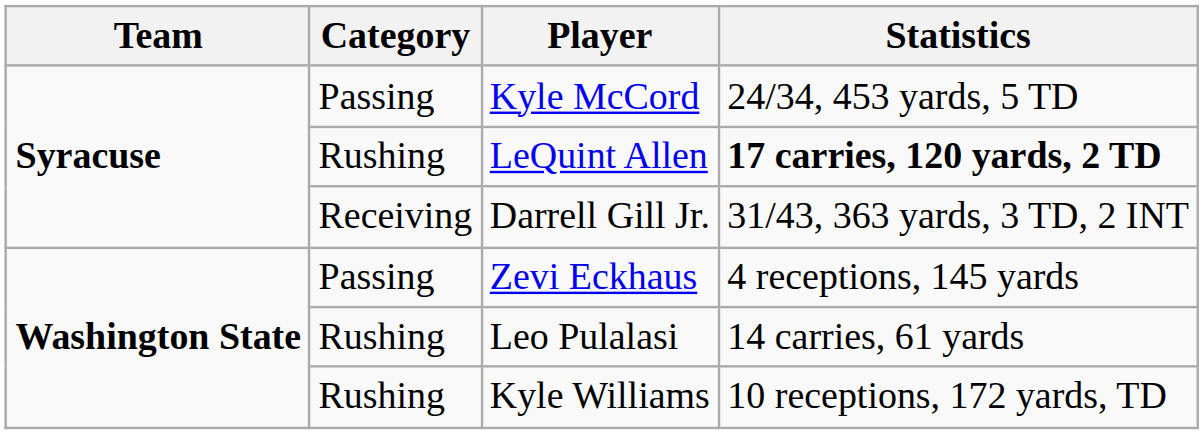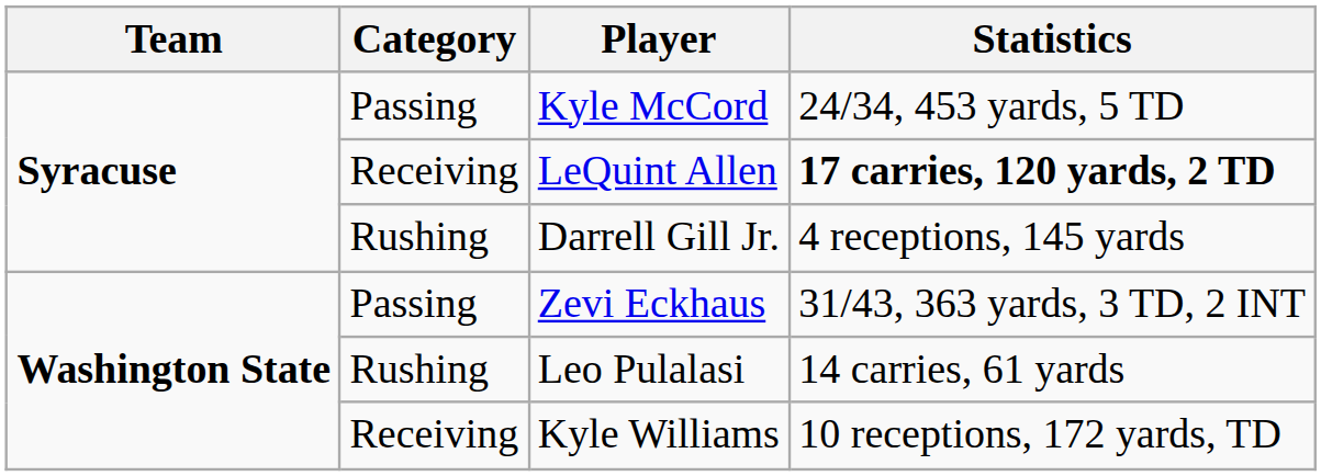 <table class="wikitable" style="float: right;">
 <tr>
 <th>Team</th>
 <th>Category</th>
 <th>Player</th>
 <th>Statistics</th>
 </tr>
 <tr>
 <td rowspan=3><strong>Syracuse</strong></td>
 <td>Passing</td>
 <td><a href='#'>Kyle McCord</a></td>
 <td>24/34, 453 yards, 5 TD</td>
 </tr>
 <tr>
-<td>Rushing</td>
+<td>Receiving</td>
 <td><a href='#'>LeQuint Allen</a></td>
 <td><strong>17 carries, 120 yards, 2 TD</strong></td>
 </tr>
 <tr>
-<td>Receiving</td>
+<td>Rushing</td>
 <td>Darrell Gill Jr.</td>
-<td>31/43, 363 yards, 3 TD, 2 INT</td>
+<td>4 receptions, 145 yards</td>
 </tr>
 <tr>
 <td rowspan=3><strong>Washington State</strong></td>
 <td>Passing</td>
 <td><a href='#'>Zevi Eckhaus</a></td>
-<td>4 receptions, 145 yards</td>
+<td>31/43, 363 yards, 3 TD, 2 INT</td>
 </tr>
 <tr>
 <td>Rushing</td>
 <td>Leo Pulalasi</td>
 <td>14 carries, 61 yards</td>
 </tr>
 <tr>
-<td>Rushing</td>
+<td>Receiving</td>
 <td>Kyle Williams</td>
 <td>10 receptions, 172 yards, TD</td>
 </tr>
 </table>
